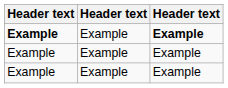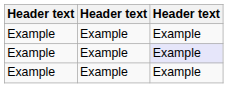 <table class="wikitable">
 <tr>
 <th>Header text</th>
 <th>Header text</th>
 <th>Header text</th>
-</tr>
-<tr>
-<td><strong>Example</strong></td>
-<td>Example</td>
-<td><strong>Example</strong></td>
 </tr>
 <tr>
 <td>Example</td>
 <td>Example</td>
 <td>Example</td>
 </tr>
 <tr>
 <td>Example</td>
 <td>Example</td>
+<td style="background: lavender;">Example</td>
+</tr>
+<tr>
+<td>Example</td>
+<td>Example</td>
 <td>Example</td>
 </tr>
 </table>
